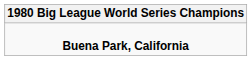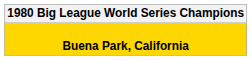 <table class="wikitable" style="text-align: center; margin: 0 auto;">
 <tr>
 <th>1980 Big League World Series Champions</th>
 </tr>
 <tr>
-<td><br><strong>Buena Park, California</strong></td>
+<td style="background: gold;"><br><strong>Buena Park, California</strong></td>
 </tr>
 </table>
